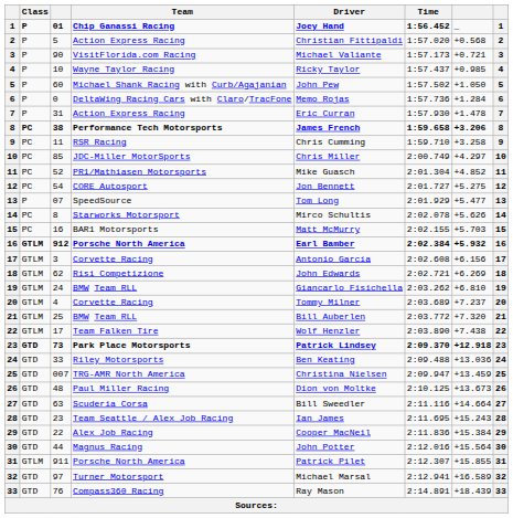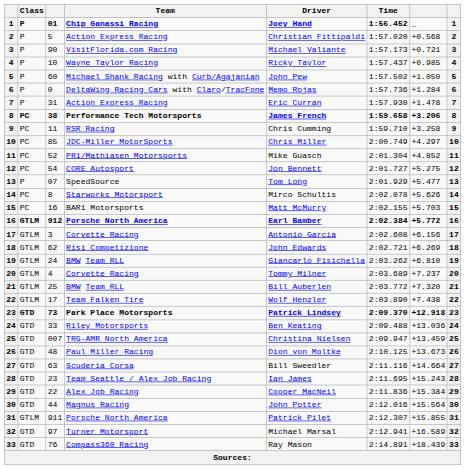 <table class="wikitable">
 <tr>
 <th></th>
 <th>Class</th>
 <th></th>
 <th>Team</th>
 <th>Driver</th>
 <th>Time</th>
 <th></th>
 <th></th>
 </tr>
 <tr>
 <th>1</th>
 <td><strong>P</strong></td>
 <td><strong>01</strong></td>
 <td><strong> <a href='#'>Chip Ganassi Racing</a></strong></td>
 <td><strong> <a href='#'>Joey Hand</a></strong></td>
 <td><strong>1:56.452</strong></td>
 <td><strong>_</strong></td>
 <th>1</th>
 </tr>
 <tr>
 <th>2</th>
 <td>P</td>
 <td>5</td>
 <td> <a href='#'>Action Express Racing</a></td>
 <td> <a href='#'>Christian Fittipaldi</a></td>
 <td>1:57.020</td>
 <td>+0.568</td>
 <th>2</th>
 </tr>
 <tr>
 <th>3</th>
 <td>P</td>
 <td>90</td>
 <td> <a href='#'>VisitFlorida.com Racing</a></td>
 <td> <a href='#'>Michael Valiante</a></td>
 <td>1:57.173</td>
 <td>+0.721</td>
 <th>3</th>
 </tr>
 <tr>
 <th>4</th>
 <td>P</td>
 <td>10</td>
 <td> <a href='#'>Wayne Taylor Racing</a></td>
 <td> <a href='#'>Ricky Taylor</a></td>
 <td>1:57.437</td>
 <td>+0.985</td>
 <th>4</th>
 </tr>
 <tr>
 <th>5</th>
 <td>P</td>
 <td>60</td>
 <td> <a href='#'>Michael Shank Racing</a> with <a href='#'>Curb/Agajanian</a></td>
 <td> <a href='#'>John Pew</a></td>
 <td>1:57.502</td>
 <td>+1.050</td>
 <th>5</th>
 </tr>
 <tr>
 <th>6</th>
 <td>P</td>
 <td>0</td>
 <td> <a href='#'>DeltaWing Racing Cars</a> with <a href='#'>Claro</a>/<a href='#'>TracFone</a></td>
 <td> <a href='#'>Memo Rojas</a></td>
 <td>1:57.736</td>
 <td>+1.284</td>
 <th>6</th>
 </tr>
 <tr>
 <th>7</th>
 <td>P</td>
 <td>31</td>
 <td> <a href='#'>Action Express Racing</a></td>
 <td> <a href='#'>Eric Curran</a></td>
 <td>1:57.930</td>
 <td>+1.478</td>
 <th>7</th>
 </tr>
 <tr>
 <th>8</th>
 <td><strong>PC</strong></td>
 <td><strong>38</strong></td>
 <td><strong> Performance Tech Motorsports</strong></td>
 <td><strong> <a href='#'>James French</a></strong></td>
 <td><strong>1:59.658</strong></td>
 <td><strong>+3.206</strong></td>
 <th>8</th>
 </tr>
 <tr>
 <th>9</th>
 <td>PC</td>
 <td>11</td>
 <td> <a href='#'>RSR Racing</a></td>
 <td> Chris Cumming</td>
 <td>1:59.710</td>
 <td>+3.258</td>
 <th>9</th>
 </tr>
 <tr>
 <th>10</th>
 <td>PC</td>
 <td>85</td>
 <td> <a href='#'>JDC-Miller MotorSports</a></td>
 <td> <a href='#'>Chris Miller</a></td>
 <td>2:00.749</td>
 <td>+4.297</td>
 <th>10</th>
 </tr>
 <tr>
 <th>11</th>
 <td>PC</td>
 <td>52</td>
 <td> <a href='#'>PR1/Mathiasen Motorsports</a></td>
 <td> Mike Guasch</td>
 <td>2:01.304</td>
 <td>+4.852</td>
 <th>11</th>
 </tr>
 <tr>
 <th>12</th>
 <td>PC</td>
 <td>54</td>
 <td> <a href='#'>CORE Autosport</a></td>
 <td> <a href='#'>Jon Bennett</a></td>
 <td>2:01.727</td>
 <td>+5.275</td>
 <th>12</th>
 </tr>
 <tr>
 <th>13</th>
 <td>P</td>
 <td>07</td>
 <td> SpeedSource</td>
 <td> <a href='#'>Tom Long</a></td>
 <td>2:01.929</td>
 <td>+5.477</td>
 <th>13</th>
 </tr>
 <tr>
 <th>14</th>
 <td>PC</td>
 <td>8</td>
 <td> <a href='#'>Starworks Motorsport</a></td>
 <td> Mirco Schultis</td>
 <td>2:02.078</td>
 <td>+5.626</td>
 <th>14</th>
 </tr>
 <tr>
 <th>15</th>
 <td>PC</td>
 <td>16</td>
 <td> BAR1 Motorsports</td>
 <td> <a href='#'>Matt McMurry</a></td>
 <td>2:02.155</td>
 <td>+5.703</td>
 <th>15</th>
 </tr>
 <tr>
 <th>16</th>
 <td><strong>GTLM</strong></td>
 <td><strong>912</strong></td>
 <td><strong> <a href='#'>Porsche North America</a></strong></td>
 <td><strong> <a href='#'>Earl Bamber</a></strong></td>
 <td><strong>2:02.384</strong></td>
-<td><strong>+5.932</strong></td>
+<td><strong>+5.772</strong></td>
 <th>16</th>
 </tr>
 <tr>
 <th>17</th>
 <td>GTLM</td>
 <td>3</td>
 <td> <a href='#'>Corvette Racing</a></td>
 <td> <a href='#'>Antonio García</a></td>
 <td>2:02.608</td>
 <td>+6.156</td>
 <th>17</th>
 </tr>
 <tr>
 <th>18</th>
 <td>GTLM</td>
 <td>62</td>
 <td> <a href='#'>Risi Competizione</a></td>
 <td> <a href='#'>John Edwards</a></td>
 <td>2:02.721</td>
 <td>+6.269</td>
 <th>18</th>
 </tr>
 <tr>
 <th>19</th>
 <td>GTLM</td>
 <td>24</td>
 <td> <a href='#'>BMW</a> <a href='#'>Team RLL</a></td>
 <td> <a href='#'>Giancarlo Fisichella</a></td>
 <td>2:03.262</td>
 <td>+6.810</td>
 <th>19</th>
 </tr>
 <tr>
 <th>20</th>
 <td>GTLM</td>
 <td>4</td>
 <td> <a href='#'>Corvette Racing</a></td>
 <td> <a href='#'>Tommy Milner</a></td>
 <td>2:03.689</td>
 <td>+7.237</td>
 <th>20</th>
 </tr>
 <tr>
 <th>21</th>
 <td>GTLM</td>
 <td>25</td>
 <td> <a href='#'>BMW</a> <a href='#'>Team RLL</a></td>
 <td> <a href='#'>Bill Auberlen</a></td>
 <td>2:03.772</td>
 <td>+7.320</td>
 <th>21</th>
 </tr>
 <tr>
 <th>22</th>
 <td>GTLM</td>
 <td>17</td>
 <td> <a href='#'>Team Falken Tire</a></td>
 <td> <a href='#'>Wolf Henzler</a></td>
 <td>2:03.890</td>
 <td>+7.438</td>
 <th>22</th>
 </tr>
 <tr>
 <th>23</th>
 <td><strong>GTD</strong></td>
 <td><strong>73</strong></td>
 <td><strong> Park Place Motorsports</strong></td>
 <td><strong> <a href='#'>Patrick Lindsey</a></strong></td>
 <td><strong>2:09.370</strong></td>
 <td><strong>+12.918</strong></td>
 <th>23</th>
 </tr>
 <tr>
 <th>24</th>
 <td>GTD</td>
 <td>33</td>
 <td> <a href='#'>Riley Motorsports</a></td>
 <td> <a href='#'>Ben Keating</a></td>
 <td>2:09.488</td>
 <td>+13.036</td>
 <th>24</th>
 </tr>
 <tr>
 <th>25</th>
 <td>GTD</td>
 <td>007</td>
 <td> <a href='#'>TRG-AMR North America</a></td>
 <td> <a href='#'>Christina Nielsen</a></td>
 <td>2:09.947</td>
 <td>+13.459</td>
 <th>25</th>
 </tr>
 <tr>
 <th>26</th>
 <td>GTD</td>
 <td>48</td>
 <td> <a href='#'>Paul Miller Racing</a></td>
 <td> <a href='#'>Dion von Moltke</a></td>
 <td>2:10.125</td>
 <td>+13.673</td>
 <th>26</th>
 </tr>
 <tr>
 <th>27</th>
 <td>GTD</td>
 <td>63</td>
 <td> <a href='#'>Scuderia Corsa</a></td>
 <td> Bill Sweedler</td>
 <td>2:11.116</td>
 <td>+14.664</td>
 <th>27</th>
 </tr>
 <tr>
 <th>28</th>
 <td>GTD</td>
 <td>23</td>
 <td> <a href='#'>Team Seattle / Alex Job Racing</a></td>
 <td> <a href='#'>Ian James</a></td>
 <td>2:11.695</td>
 <td>+15.243</td>
 <th>28</th>
 </tr>
 <tr>
 <th>29</th>
 <td>GTD</td>
 <td>22</td>
 <td> <a href='#'>Alex Job Racing</a></td>
 <td> <a href='#'>Cooper MacNeil</a></td>
 <td>2:11.836</td>
 <td>+15.384</td>
 <th>29</th>
 </tr>
 <tr>
 <th>30</th>
 <td>GTD</td>
 <td>44</td>
 <td> <a href='#'>Magnus Racing</a></td>
 <td> <a href='#'>John Potter</a></td>
 <td>2:12.016</td>
 <td>+15.564</td>
 <th>30</th>
 </tr>
 <tr>
 <th>31</th>
 <td>GTLM</td>
 <td>911</td>
 <td> <a href='#'>Porsche North America</a></td>
 <td> <a href='#'>Patrick Pilet</a></td>
 <td>2:12.307</td>
 <td>+15.855</td>
 <th>31</th>
 </tr>
 <tr>
 <th>32</th>
 <td>GTD</td>
 <td>97</td>
 <td> <a href='#'>Turner Motorsport</a></td>
 <td> Michael Marsal</td>
 <td>2:12.941</td>
 <td>+16.589</td>
 <th>32</th>
 </tr>
 <tr>
 <th>33</th>
 <td>GTD</td>
 <td>76</td>
 <td> <a href='#'>Compass360 Racing</a></td>
 <td> Ray Mason</td>
 <td>2:14.891</td>
 <td>+18.439</td>
 <th>33</th>
 </tr>
 <tr>
 <th colspan="8">Sources:</th>
 </tr>
 </table>
